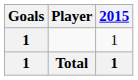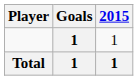 <table class="wikitable sortable" style="text-align:center;">
 <tr>
+<th>Player</th>
 <th>Goals</th>
-<th>Player</th>
 <th><a href='#'>2015</a></th>
 </tr>
 <tr>
+<td align="left"></td>
 <th>1</th>
-<td align="left"></td>
 <td>1</td>
 </tr>
 <tr class="sortbottom">
+<th>Total</th>
 <th>1</th>
-<th>Total</th>
 <th>1</th>
 </tr>
 </table>
